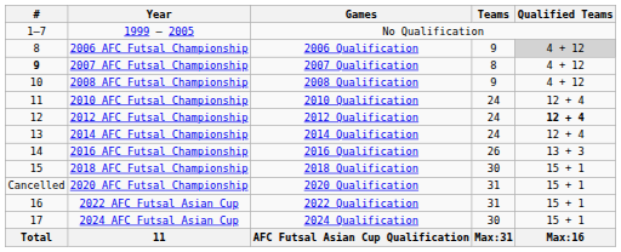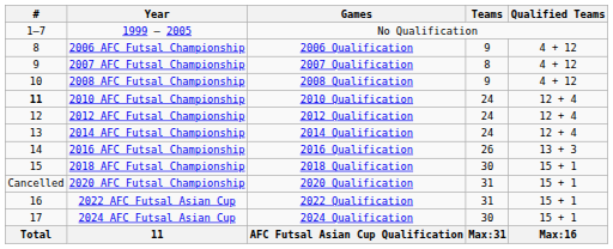 <table class="wikitable sortable" style="text-align:center">
 <tr>
 <th>#</th>
 <th>Year</th>
 <th>Games</th>
 <th>Teams</th>
 <th>Qualified Teams</th>
 </tr>
 <tr>
 <td>1–7</td>
 <td><a href='#'>1999</a> – <a href='#'>2005</a></td>
 <td colspan=3>No Qualification</td>
 </tr>
 <tr>
 <td>8</td>
 <td><a href='#'>2006 AFC Futsal Championship</a></td>
 <td><a href='#'>2006 Qualification</a></td>
 <td>9</td>
-<td style="background: lightgrey;">4 + 12</td>
+<td>4 + 12</td>
 </tr>
 <tr>
-<td><strong>9</strong></td>
+<td>9</td>
 <td><a href='#'>2007 AFC Futsal Championship</a></td>
 <td><a href='#'>2007 Qualification</a></td>
 <td>8</td>
 <td>4 + 12</td>
 </tr>
 <tr>
 <td>10</td>
 <td><a href='#'>2008 AFC Futsal Championship</a></td>
 <td><a href='#'>2008 Qualification</a></td>
 <td>9</td>
 <td>4 + 12</td>
 </tr>
 <tr>
-<td>11</td>
+<td><strong>11</strong></td>
 <td><a href='#'>2010 AFC Futsal Championship</a></td>
 <td><a href='#'>2010 Qualification</a></td>
 <td>24</td>
 <td>12 + 4</td>
 </tr>
 <tr>
 <td>12</td>
 <td><a href='#'>2012 AFC Futsal Championship</a></td>
 <td><a href='#'>2012 Qualification</a></td>
 <td>24</td>
-<td><strong>12 + 4</strong></td>
+<td>12 + 4</td>
 </tr>
 <tr>
 <td>13</td>
 <td><a href='#'>2014 AFC Futsal Championship</a></td>
 <td><a href='#'>2014 Qualification</a></td>
 <td>24</td>
 <td>12 + 4</td>
 </tr>
 <tr>
 <td>14</td>
 <td><a href='#'>2016 AFC Futsal Championship</a></td>
 <td><a href='#'>2016 Qualification</a></td>
 <td>26</td>
 <td>13 + 3</td>
 </tr>
 <tr>
 <td>15</td>
 <td><a href='#'>2018 AFC Futsal Championship</a></td>
 <td><a href='#'>2018 Qualification</a></td>
 <td>30</td>
 <td>15 + 1</td>
 </tr>
 <tr>
 <td>Cancelled</td>
 <td><a href='#'>2020 AFC Futsal Championship</a></td>
 <td><a href='#'>2020 Qualification</a></td>
 <td>31</td>
 <td>15 + 1</td>
 </tr>
 <tr>
 <td>16</td>
 <td><a href='#'>2022 AFC Futsal Asian Cup</a></td>
 <td><a href='#'>2022 Qualification</a></td>
 <td>31</td>
 <td>15 + 1</td>
 </tr>
 <tr>
 <td>17</td>
 <td><a href='#'>2024 AFC Futsal Asian Cup</a></td>
 <td><a href='#'>2024 Qualification</a></td>
 <td>30</td>
 <td>15 + 1</td>
 </tr>
 <tr>
 <th><strong>Total</strong></th>
 <th>11</th>
 <th>AFC Futsal Asian Cup Qualification</th>
 <th>Max:31</th>
 <th>Max:16</th>
 </tr>
 </table>
